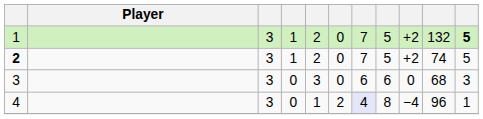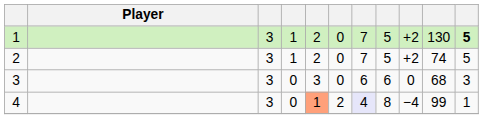 <table class="wikitable" style="text-align:center;">
 <tr>
 <th width=20></th>
 <th width=260>Player</th>
 <th width=20></th>
 <th width=20></th>
 <th width=20></th>
 <th width=20></th>
 <th width=20></th>
 <th width=20></th>
 <th width=20></th>
 <th width=30></th>
 <th width=20></th>
 </tr>
 <tr style="background:#D0F0C0;">
 <td>1</td>
 <td align=left> <small></small></td>
 <td>3</td>
 <td>1</td>
 <td>2</td>
 <td>0</td>
 <td>7</td>
 <td>5</td>
 <td>+2</td>
-<td>132</td>
+<td>130</td>
 <td><strong>5</strong></td>
 </tr>
 <tr>
-<td><strong>2</strong></td>
+<td>2</td>
 <td align=left> <small></small></td>
 <td>3</td>
 <td>1</td>
 <td>2</td>
 <td>0</td>
 <td>7</td>
 <td>5</td>
 <td>+2</td>
 <td>74</td>
 <td>5</td>
 </tr>
 <tr>
 <td>3</td>
 <td align=left> <small></small></td>
 <td>3</td>
 <td>0</td>
 <td>3</td>
 <td>0</td>
 <td>6</td>
 <td>6</td>
 <td>0</td>
 <td>68</td>
 <td>3</td>
 </tr>
 <tr>
 <td>4</td>
 <td align=left> <small></small></td>
 <td>3</td>
 <td>0</td>
-<td>1</td>
+<td style="background: lightsalmon;">1</td>
 <td>2</td>
 <td style="background: lavender;">4</td>
 <td>8</td>
 <td>−4</td>
-<td>96</td>
+<td>99</td>
 <td>1</td>
 </tr>
 <tr>
 </tr>
 </table>
